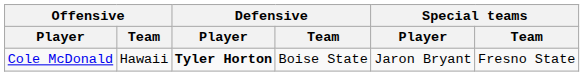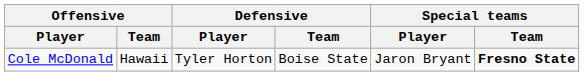 <table class="wikitable">
 <tr>
 <th colspan="2">Offensive</th>
 <th colspan="2">Defensive</th>
 <th colspan="2">Special teams</th>
 </tr>
 <tr>
 <th>Player</th>
 <th>Team</th>
 <th>Player</th>
 <th>Team</th>
 <th>Player</th>
 <th>Team</th>
 </tr>
 <tr>
 <td><a href='#'>Cole McDonald</a></td>
 <td>Hawaii</td>
-<td><strong>Tyler Horton</strong></td>
+<td>Tyler Horton</td>
 <td>Boise State</td>
 <td>Jaron Bryant</td>
-<td>Fresno State</td>
+<td><strong>Fresno State</strong></td>
 </tr>
 </table>
